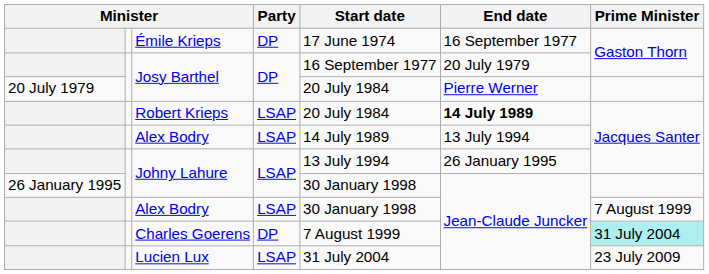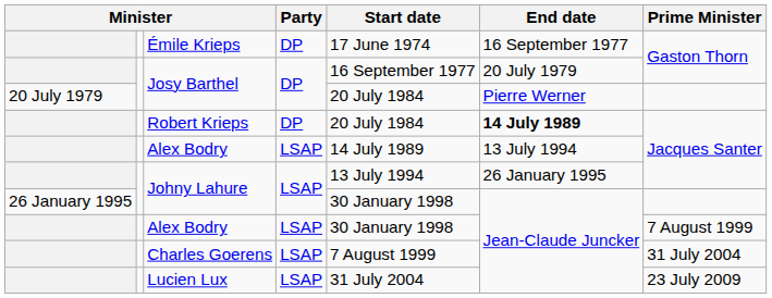 <table class="wikitable">
 <tr style="background: #efefef;">
 <th colspan=3>Minister</th>
 <th>Party</th>
 <th>Start date</th>
 <th>End date</th>
 <th>Prime Minister</th>
 </tr>
 <tr>
 <th style="background-color: "></th>
 <td></td>
 <td><a href='#'>Émile Krieps</a></td>
 <td><a href='#'>DP</a></td>
 <td>17 June 1974</td>
 <td>16 September 1977</td>
 <td rowspan=2><a href='#'>Gaston Thorn</a></td>
 </tr>
 <tr>
 <th style="background-color: "></th>
 <td rowspan=2></td>
 <td rowspan=2><a href='#'>Josy Barthel</a></td>
 <td rowspan=2><a href='#'>DP</a></td>
 <td>16 September 1977</td>
 <td>20 July 1979</td>
 </tr>
 <tr>
 <td>20 July 1979</td>
 <td>20 July 1984</td>
 <td><a href='#'>Pierre Werner</a></td>
 </tr>
 <tr>
 <th style="background-color: "></th>
 <td></td>
 <td><a href='#'>Robert Krieps</a></td>
-<td><a href='#'>LSAP</a></td>
+<td><a href='#'>DP</a></td>
 <td>20 July 1984</td>
 <td><strong>14 July 1989</strong></td>
 <td rowspan=3><a href='#'>Jacques Santer</a></td>
 </tr>
 <tr>
 <th style="background-color: "></th>
 <td></td>
 <td><a href='#'>Alex Bodry</a></td>
 <td><a href='#'>LSAP</a></td>
 <td>14 July 1989</td>
 <td>13 July 1994</td>
 </tr>
 <tr>
 <th style="background-color: "></th>
 <td rowspan=2></td>
 <td rowspan=2><a href='#'>Johny Lahure</a></td>
 <td rowspan=2><a href='#'>LSAP</a></td>
 <td>13 July 1994</td>
 <td>26 January 1995</td>
 </tr>
 <tr>
 <td>26 January 1995</td>
 <td>30 January 1998</td>
 <td rowspan=4><a href='#'>Jean-Claude Juncker</a></td>
 </tr>
 <tr>
 <th style="background-color: "></th>
 <td></td>
 <td><a href='#'>Alex Bodry</a></td>
 <td><a href='#'>LSAP</a></td>
 <td>30 January 1998</td>
 <td>7 August 1999</td>
 </tr>
 <tr>
 <th style="background-color: "></th>
 <td></td>
 <td><a href='#'>Charles Goerens</a></td>
-<td><a href='#'>DP</a></td>
+<td><a href='#'>LSAP</a></td>
 <td>7 August 1999</td>
-<td style="background: paleturquoise;">31 July 2004</td>
+<td>31 July 2004</td>
 </tr>
 <tr>
 <th style="background-color: "></th>
 <td></td>
 <td><a href='#'>Lucien Lux</a></td>
 <td><a href='#'>LSAP</a></td>
 <td>31 July 2004</td>
 <td>23 July 2009</td>
 </tr>
 </table>
